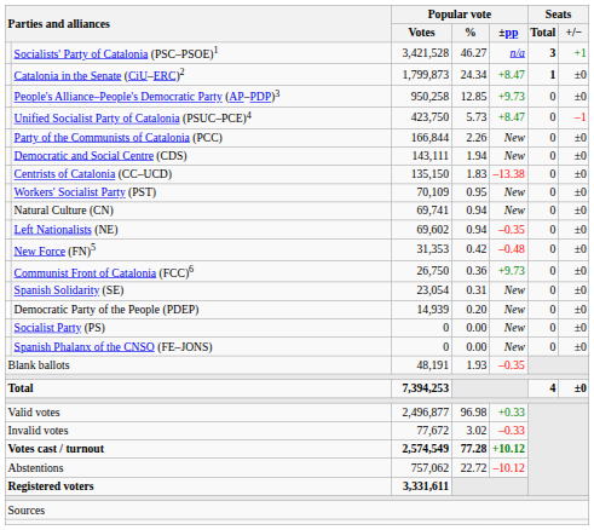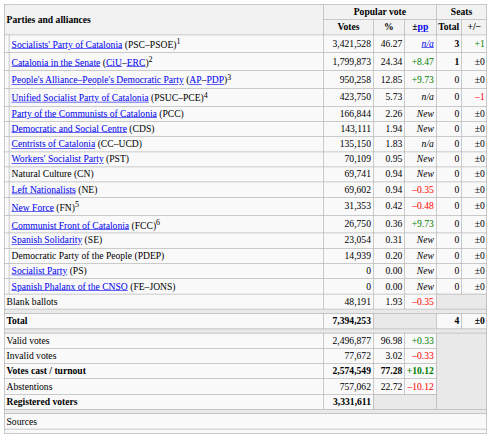 <table class="wikitable" style="text-align:right;">
 <tr>
 <th style="text-align:left;" rowspan="2" colspan="2" width="525">Parties and alliances</th>
 <th colspan="3">Popular vote</th>
 <th colspan="2">Seats</th>
 </tr>
 <tr>
 <th width="75">Votes</th>
 <th width="45">%</th>
 <th width="45">±<a href='#'>pp</a></th>
 <th width="35">Total</th>
 <th width="35">+/−</th>
 </tr>
 <tr>
 <td width="1" style="color:inherit;background:"></td>
 <td align="left"><a href='#'>Socialists' Party of Catalonia</a> (PSC–PSOE)<sup>1</sup></td>
 <td>3,421,528</td>
 <td>46.27</td>
 <td><em><a href='#'>n/a</a></em></td>
 <td><strong>3</strong></td>
 <td style="color:green;">+1</td>
 </tr>
 <tr>
 <td style="color:inherit;background:"></td>
 <td align="left"><a href='#'>Catalonia in the Senate</a> (<a href='#'>CiU</a>–<a href='#'>ERC</a>)<sup>2</sup></td>
 <td>1,799,873</td>
 <td>24.34</td>
 <td style="color:green;">+8.47</td>
 <td><strong>1</strong></td>
 <td>±0</td>
 </tr>
 <tr>
 <td style="color:inherit;background:"></td>
 <td align="left"><a href='#'>People's Alliance–People's Democratic Party</a> (<a href='#'>AP</a>–<a href='#'>PDP</a>)<sup>3</sup></td>
 <td>950,258</td>
 <td>12.85</td>
 <td style="color:green;">+9.73</td>
 <td>0</td>
 <td>±0</td>
 </tr>
 <tr>
 <td style="color:inherit;background:"></td>
 <td align="left"><a href='#'>Unified Socialist Party of Catalonia</a> (PSUC–PCE)<sup>4</sup></td>
 <td>423,750</td>
 <td>5.73</td>
-<td style="color:green;">+8.47</td>
+<td><em>n/a</em></td>
 <td>0</td>
 <td style="color:red;">–1</td>
 </tr>
 <tr>
 <td style="color:inherit;background:"></td>
 <td align="left"><a href='#'>Party of the Communists of Catalonia</a> (PCC)</td>
 <td>166,844</td>
 <td>2.26</td>
 <td><em>New</em></td>
 <td>0</td>
 <td>±0</td>
 </tr>
 <tr>
 <td style="color:inherit;background:"></td>
 <td align="left"><a href='#'>Democratic and Social Centre</a> (CDS)</td>
 <td>143,111</td>
 <td>1.94</td>
 <td><em>New</em></td>
 <td>0</td>
 <td>±0</td>
 </tr>
 <tr>
 <td style="color:inherit;background:"></td>
 <td align="left"><a href='#'>Centrists of Catalonia</a> (CC–UCD)</td>
 <td>135,150</td>
 <td>1.83</td>
-<td style="color:red;">–13.38</td>
+<td><em>n/a</em></td>
 <td>0</td>
 <td>±0</td>
 </tr>
 <tr>
 <td style="color:inherit;background:"></td>
 <td align="left"><a href='#'>Workers' Socialist Party</a> (PST)</td>
 <td>70,109</td>
 <td>0.95</td>
 <td><em>New</em></td>
 <td>0</td>
 <td>±0</td>
 </tr>
 <tr>
 <td style="color:inherit;background:"></td>
 <td align="left">Natural Culture (CN)</td>
 <td>69,741</td>
 <td>0.94</td>
 <td><em>New</em></td>
 <td>0</td>
 <td>±0</td>
 </tr>
 <tr>
 <td style="color:inherit;background:"></td>
 <td align="left"><a href='#'>Left Nationalists</a> (NE)</td>
 <td>69,602</td>
 <td>0.94</td>
 <td style="color:red;">–0.35</td>
 <td>0</td>
 <td>±0</td>
 </tr>
 <tr>
 <td style="color:inherit;background:"></td>
 <td align="left"><a href='#'>New Force</a> (FN)<sup>5</sup></td>
 <td>31,353</td>
 <td>0.42</td>
 <td style="color:red;">–0.48</td>
 <td>0</td>
 <td>±0</td>
 </tr>
 <tr>
 <td style="color:inherit;background:"></td>
 <td align="left"><a href='#'>Communist Front of Catalonia</a> (FCC)<sup>6</sup></td>
 <td>26,750</td>
 <td>0.36</td>
 <td style="color:green;">+9.73</td>
 <td>0</td>
 <td>±0</td>
 </tr>
 <tr>
 <td style="color:inherit;background:"></td>
 <td align="left"><a href='#'>Spanish Solidarity</a> (SE)</td>
 <td>23,054</td>
 <td>0.31</td>
 <td><em>New</em></td>
 <td>0</td>
 <td>±0</td>
 </tr>
 <tr>
 <td bgcolor="white"></td>
 <td align="left">Democratic Party of the People (PDEP)</td>
 <td>14,939</td>
 <td>0.20</td>
 <td><em>New</em></td>
 <td>0</td>
 <td>±0</td>
 </tr>
 <tr>
 <td style="color:inherit;background:"></td>
 <td align="left"><a href='#'>Socialist Party</a> (PS)</td>
 <td>0</td>
 <td>0.00</td>
 <td><em>New</em></td>
 <td>0</td>
 <td>±0</td>
 </tr>
 <tr>
 <td style="color:inherit;background:"></td>
 <td align="left"><a href='#'>Spanish Phalanx of the CNSO</a> (FE–JONS)</td>
 <td>0</td>
 <td>0.00</td>
 <td><em>New</em></td>
 <td>0</td>
 <td>±0</td>
 </tr>
 <tr>
 <td align="left" colspan="2">Blank ballots</td>
 <td>48,191</td>
 <td>1.93</td>
 <td style="color:red;">–0.35</td>
 <td bgcolor="#E9E9E9" colspan="2"></td>
 </tr>
 <tr>
 <td colspan="7" bgcolor="#E9E9E9"></td>
 </tr>
 <tr style="font-weight:bold;">
 <td align="left" colspan="2">Total</td>
 <td>7,394,253</td>
 <td bgcolor="#E9E9E9" colspan="2"></td>
 <td>4</td>
 <td>±0</td>
 </tr>
 <tr>
 <td colspan="7" bgcolor="#E9E9E9"></td>
 </tr>
 <tr>
 <td align="left" colspan="2">Valid votes</td>
 <td>2,496,877</td>
 <td>96.98</td>
 <td style="color:green;">+0.33</td>
 <td bgcolor="#E9E9E9" colspan="2" rowspan="5"></td>
 </tr>
 <tr>
 <td align="left" colspan="2">Invalid votes</td>
 <td>77,672</td>
 <td>3.02</td>
 <td style="color:red;">–0.33</td>
 </tr>
 <tr style="font-weight:bold;">
 <td align="left" colspan="2">Votes cast / turnout</td>
 <td>2,574,549</td>
 <td>77.28</td>
 <td style="color:green;">+10.12</td>
 </tr>
 <tr>
 <td align="left" colspan="2">Abstentions</td>
 <td>757,062</td>
 <td>22.72</td>
 <td style="color:red;">–10.12</td>
 </tr>
 <tr style="font-weight:bold;">
 <td align="left" colspan="2">Registered voters</td>
 <td>3,331,611</td>
 <td bgcolor="#E9E9E9" colspan="2"></td>
 </tr>
 <tr>
 <td colspan="7" bgcolor="#E9E9E9"></td>
 </tr>
 <tr>
 <td align="left" colspan="7">Sources</td>
 </tr>
 <tr>
 <td colspan="7" style="text-align:left; max-width:790px;"></td>
 </tr>
 </table>
